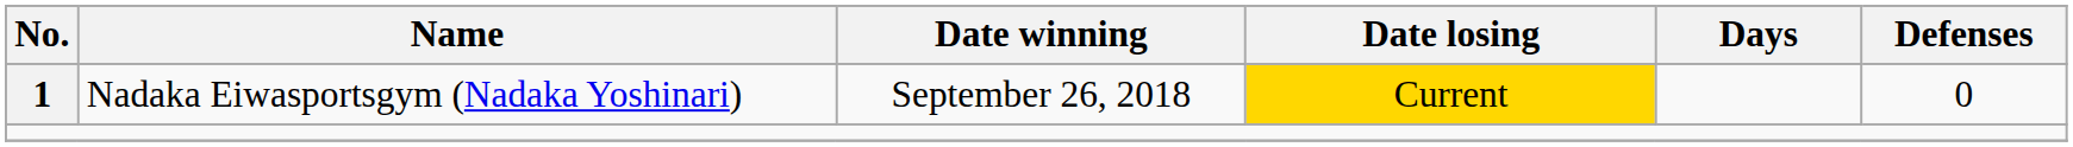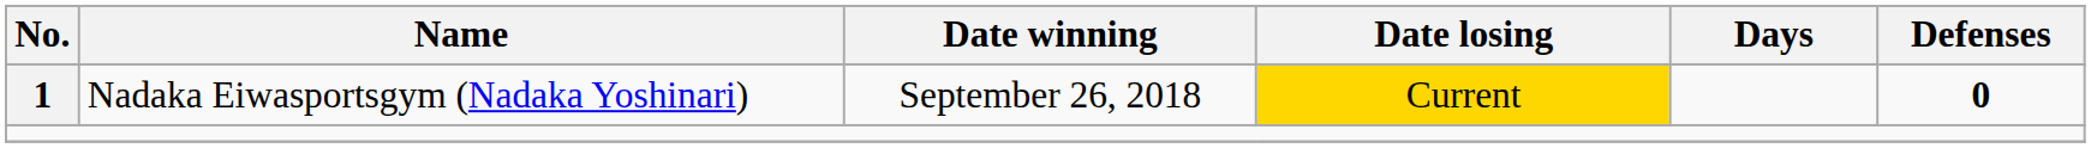 <table class="wikitable" width=100%>
 <tr>
 <th style="width:1%;">No.</th>
 <th style="width:37%;">Name</th>
 <th style="width:20%;">Date winning</th>
 <th style="width:20%;">Date losing</th>
 <th data-sort-type="number" style="width:10%;">Days</th>
 <th data-sort-type="number" style="width:10%;">Defenses</th>
 </tr>
 <tr align=center>
 <th>1</th>
 <td align=left> Nadaka Eiwasportsgym (<a href='#'>Nadaka Yoshinari</a>)</td>
 <td>September 26, 2018</td>
 <td style="background: gold;">Current</td>
 <td></td>
-<td>0</td>
+<td><strong>0</strong></td>
 </tr>
 <tr>
 <td colspan="6"></td>
 </tr>
 <tr>
 </tr>
 </table>
